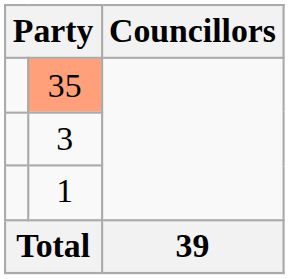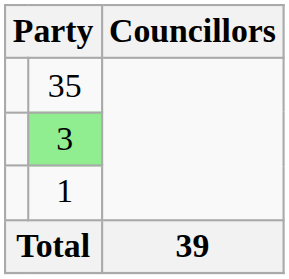 <table class="wikitable">
 <tr>
 <th colspan=2>Party</th>
 <th>Councillors</th>
 </tr>
 <tr>
 <td></td>
-<td align=center style="background: lightsalmon;">35</td>
+<td align=center>35</td>
 </tr>
 <tr>
 <td></td>
-<td align=center>3</td>
+<td align=center style="background: lightgreen;">3</td>
 </tr>
 <tr>
 <td></td>
 <td align=center>1</td>
 </tr>
 <tr>
 <th colspan=2>Total</th>
 <th>39</th>
 </tr>
 <tr>
 </tr>
 </table>
